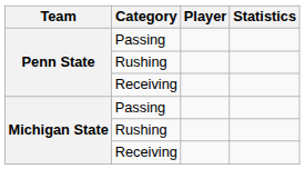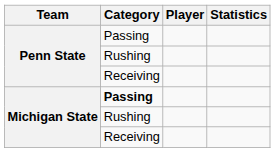 <table class="wikitable" style="float:right">
 <tr>
 <th>Team</th>
 <th>Category</th>
 <th>Player</th>
 <th>Statistics</th>
 </tr>
 <tr>
 <th rowspan=3>Penn State</th>
 <td>Passing</td>
 <td></td>
 <td></td>
 </tr>
 <tr>
 <td>Rushing</td>
 <td></td>
 <td></td>
 </tr>
 <tr>
 <td>Receiving</td>
 <td></td>
 <td></td>
 </tr>
 <tr>
 <th rowspan=3>Michigan State</th>
-<td>Passing</td>
+<td><strong>Passing</strong></td>
 <td></td>
 <td></td>
 </tr>
 <tr>
 <td>Rushing</td>
 <td></td>
 <td></td>
 </tr>
 <tr>
 <td>Receiving</td>
 <td></td>
 <td></td>
 </tr>
 </table>
